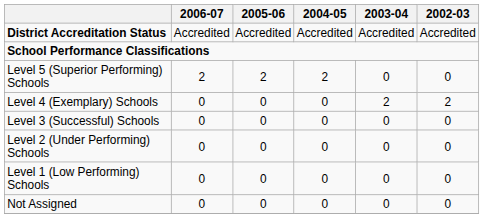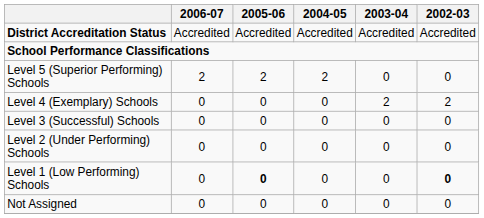 <table class="wikitable" style="font-size: 95%;">
 <tr>
 <th></th>
 <th>2006-07</th>
 <th>2005-06</th>
 <th>2004-05</th>
 <th>2003-04</th>
 <th>2002-03</th>
 </tr>
 <tr>
 <td align="left"><strong>District Accreditation Status</strong></td>
 <td align="center">Accredited</td>
 <td align="center">Accredited</td>
 <td align="center">Accredited</td>
 <td align="center">Accredited</td>
 <td align="center">Accredited</td>
 </tr>
 <tr>
 <td align="left" colspan="6"><strong>School Performance Classifications</strong></td>
 </tr>
 <tr>
 <td align="left">Level 5 (Superior Performing) Schools</td>
 <td align="center">2</td>
 <td align="center">2</td>
 <td align="center">2</td>
 <td align="center">0</td>
 <td align="center">0</td>
 </tr>
 <tr>
 <td align="left">Level 4 (Exemplary) Schools</td>
 <td align="center">0</td>
 <td align="center">0</td>
 <td align="center">0</td>
 <td align="center">2</td>
 <td align="center">2</td>
 </tr>
 <tr>
 <td align="left">Level 3 (Successful) Schools</td>
 <td align="center">0</td>
 <td align="center">0</td>
 <td align="center">0</td>
 <td align="center">0</td>
 <td align="center">0</td>
 </tr>
 <tr>
 <td align="left">Level 2 (Under Performing) Schools</td>
 <td align="center">0</td>
 <td align="center">0</td>
 <td align="center">0</td>
 <td align="center">0</td>
 <td align="center">0</td>
 </tr>
 <tr>
 <td align="left">Level 1 (Low Performing) Schools</td>
 <td align="center">0</td>
+<td align="center"><strong>0</strong></td>
 <td align="center">0</td>
 <td align="center">0</td>
-<td align="center">0</td>
-<td align="center">0</td>
+<td align="center"><strong>0</strong></td>
 </tr>
 <tr>
 <td align="left">Not Assigned</td>
 <td align="center">0</td>
 <td align="center">0</td>
 <td align="center">0</td>
 <td align="center">0</td>
 <td align="center">0</td>
 </tr>
 <tr>
 </tr>
 </table>
